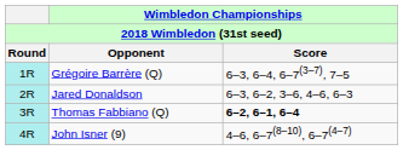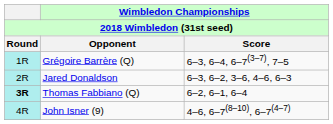 <table class="wikitable collapsible collapsed">
 <tr>
 <th></th>
 <th colspan=2 style="background:#cfc;"><a href='#'>Wimbledon Championships</a></th>
 </tr>
 <tr>
 <th colspan=3 style="background:#cfc;"><a href='#'>2018 Wimbledon</a> (31st seed)</th>
 </tr>
 <tr>
 <th>Round</th>
 <th width=225>Opponent</th>
 <th width=225>Score</th>
 </tr>
 <tr>
 <td style="text-align:center;background:#afeeee;">1R</td>
 <td> <a href='#'>Grégoire Barrère</a> (Q)</td>
 <td>6–3, 6–4, 6–7<sup>(3–7)</sup>, 7–5</td>
 </tr>
 <tr>
 <td style="text-align:center;background:#afeeee;">2R</td>
 <td> <a href='#'>Jared Donaldson</a></td>
 <td>6–3, 6–2, 3–6, 4–6, 6–3</td>
 </tr>
 <tr>
-<td style="text-align:center;background:#afeeee;">3R</td>
+<td style="text-align:center;background:#afeeee;"><strong>3R</strong></td>
 <td> <a href='#'>Thomas Fabbiano</a> (Q)</td>
-<td><strong>6–2, 6–1, 6–4</strong></td>
+<td>6–2, 6–1, 6–4</td>
 </tr>
 <tr>
 <td style="text-align:center;background:#afeeee;">4R</td>
 <td> <a href='#'>John Isner</a> (9)</td>
 <td>4–6, 6–7<sup>(8–10)</sup>, 6–7<sup>(4–7)</sup></td>
 </tr>
 </table>
